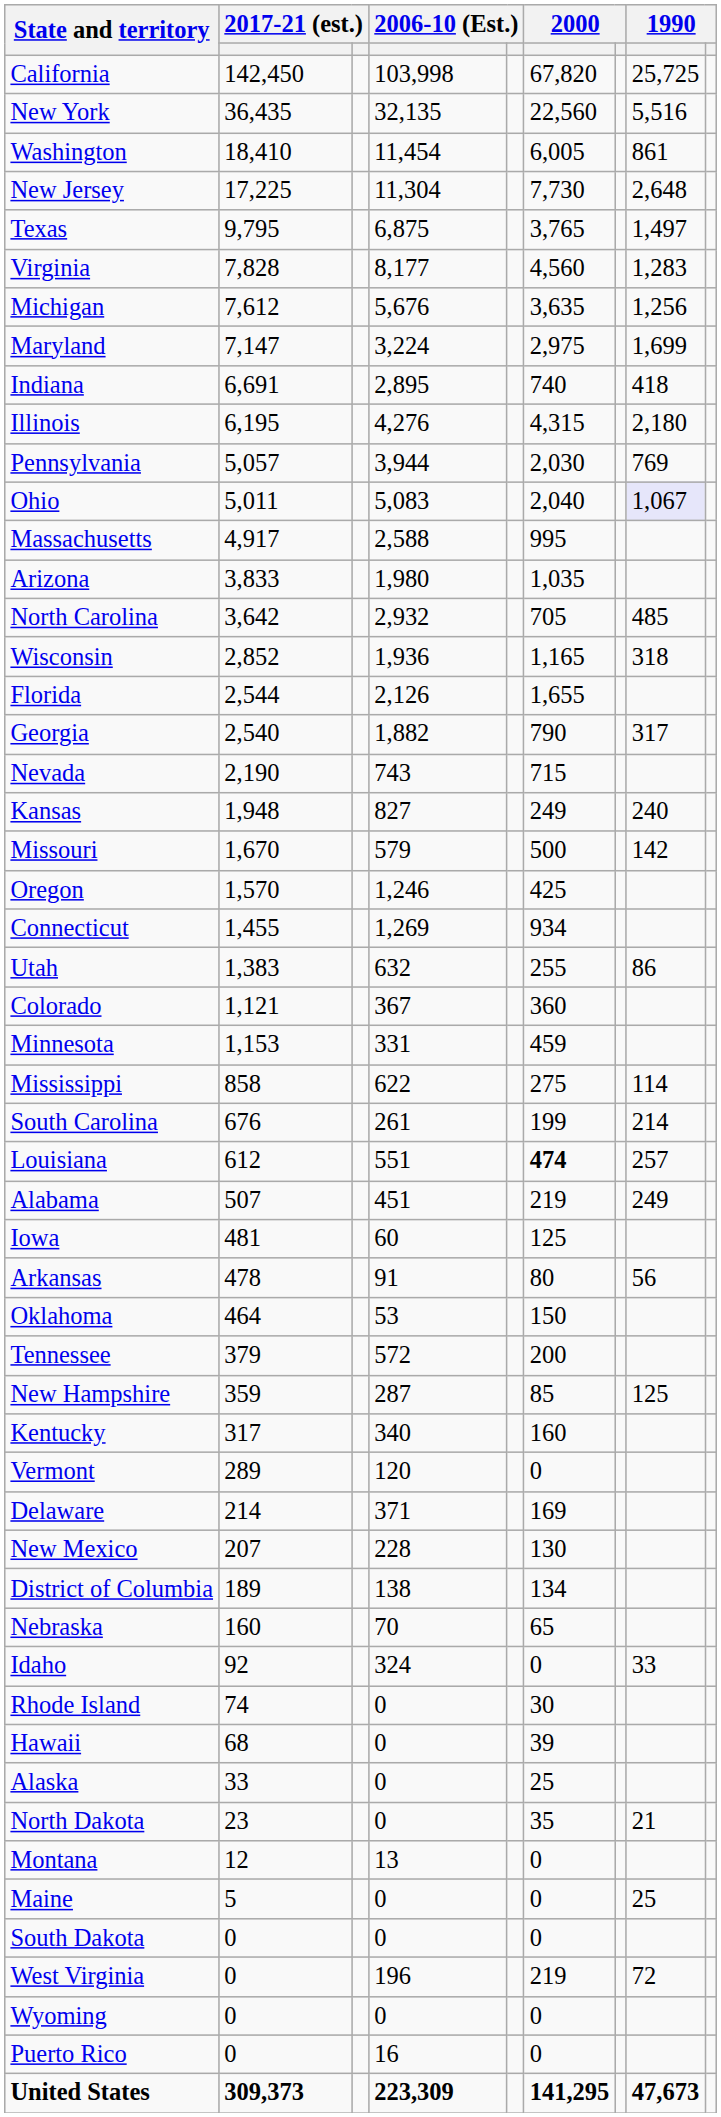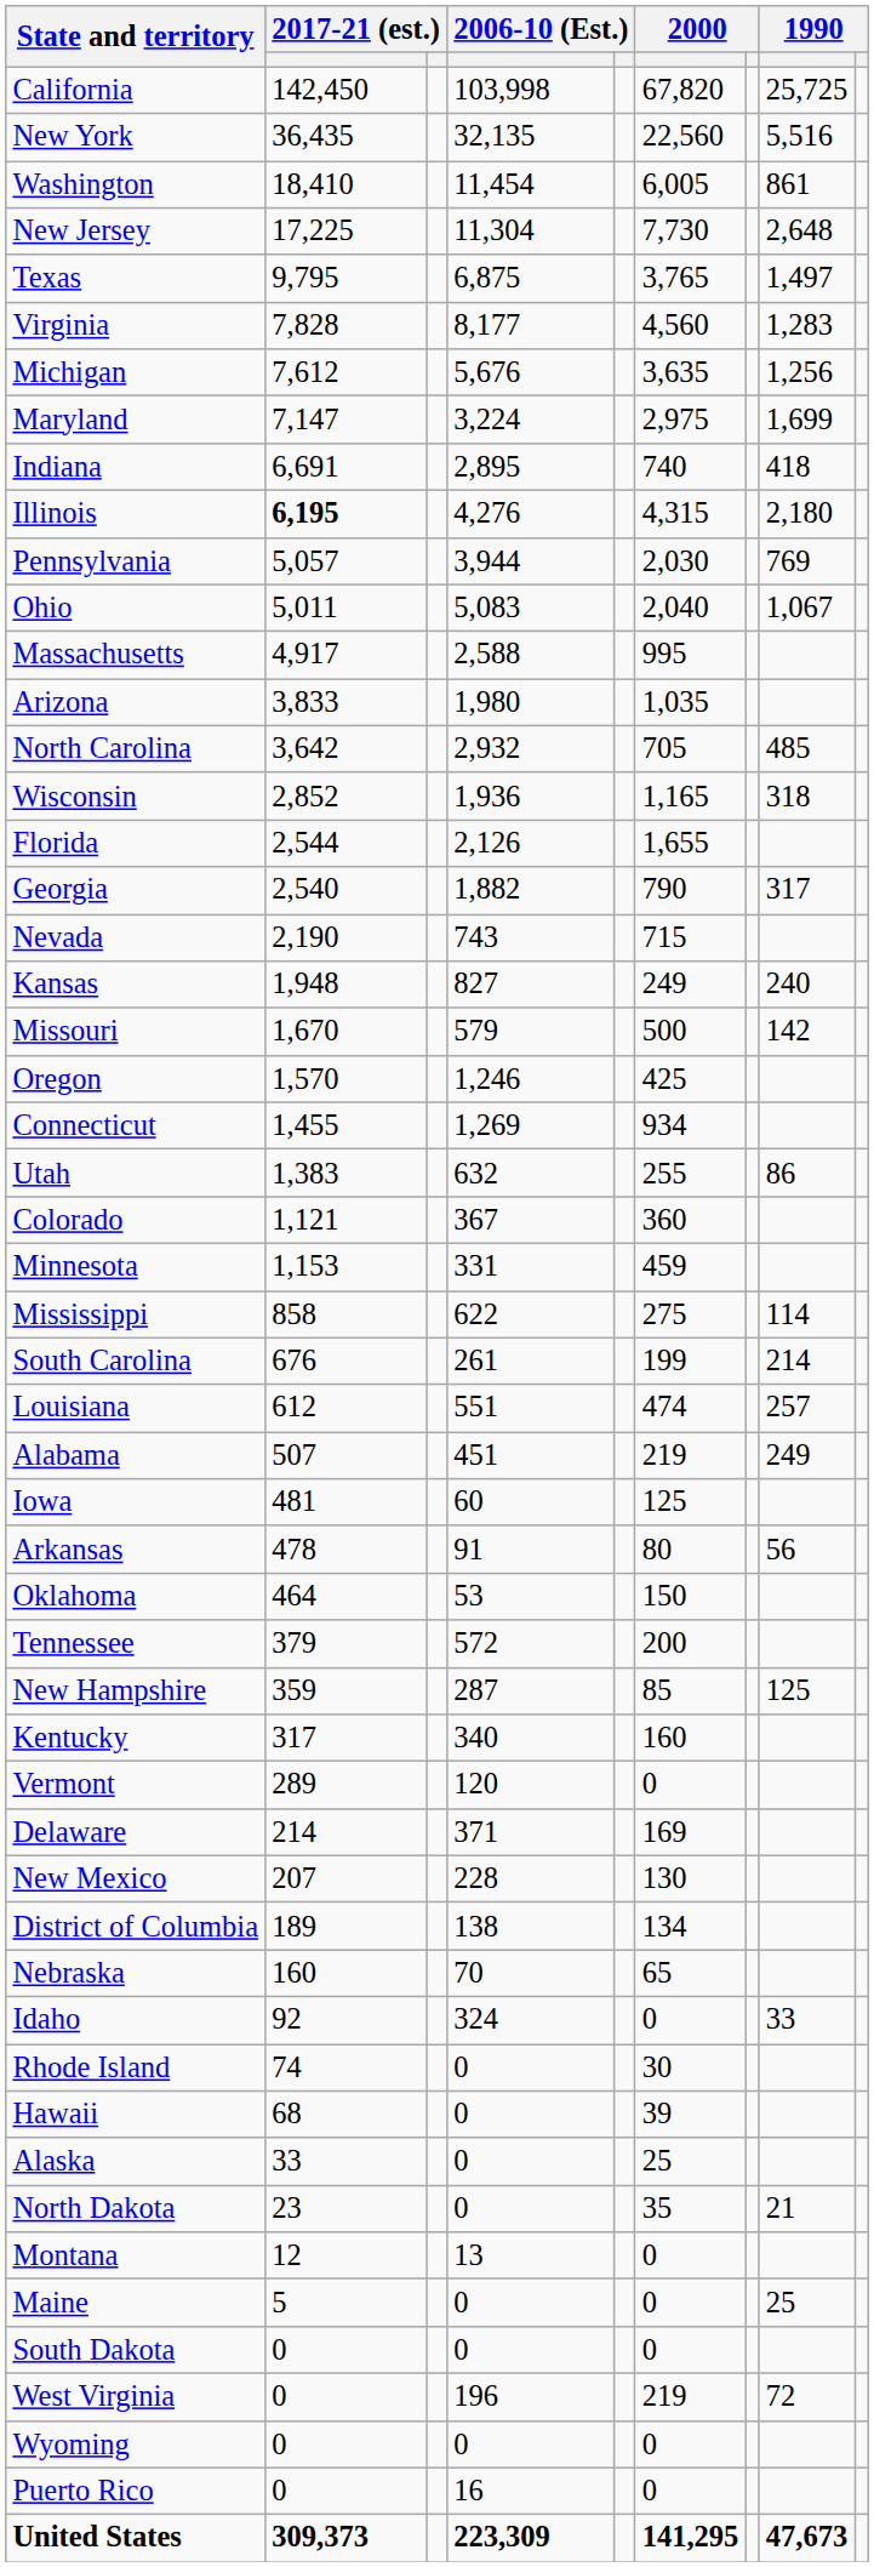 <table class="wikitable collapsible sortable">
 <tr>
 <th rowspan="2"><a href='#'>State</a> and <a href='#'>territory</a></th>
 <th colspan="2"><a href='#'>2017-21</a> (est.)</th>
 <th colspan="2"><a href='#'>2006-10</a> (Est.)</th>
 <th colspan="2"><a href='#'>2000</a></th>
 <th colspan="2"><a href='#'>1990</a></th>
 </tr>
 <tr>
 <th><a href='#'></a></th>
 <th></th>
 <th></th>
 <th></th>
 <th></th>
 <th></th>
 <th></th>
 <th></th>
 </tr>
 <tr>
 <td> <a href='#'>California</a></td>
 <td>142,450</td>
 <td></td>
 <td>103,998</td>
 <td></td>
 <td>67,820</td>
 <td></td>
 <td>25,725</td>
 <td></td>
 </tr>
 <tr>
 <td> <a href='#'>New York</a></td>
 <td>36,435</td>
 <td></td>
 <td>32,135</td>
 <td></td>
 <td>22,560</td>
 <td></td>
 <td>5,516</td>
 <td></td>
 </tr>
 <tr>
 <td> <a href='#'>Washington</a></td>
 <td>18,410</td>
 <td></td>
 <td>11,454</td>
 <td></td>
 <td>6,005</td>
 <td></td>
 <td>861</td>
 <td></td>
 </tr>
 <tr>
 <td> <a href='#'>New Jersey</a></td>
 <td>17,225</td>
 <td></td>
 <td>11,304</td>
 <td></td>
 <td>7,730</td>
 <td></td>
 <td>2,648</td>
 <td></td>
 </tr>
 <tr>
 <td> <a href='#'>Texas</a></td>
 <td>9,795</td>
 <td></td>
 <td>6,875</td>
 <td></td>
 <td>3,765</td>
 <td></td>
 <td>1,497</td>
 <td></td>
 </tr>
 <tr>
 <td> <a href='#'>Virginia</a></td>
 <td>7,828</td>
 <td></td>
 <td>8,177</td>
 <td></td>
 <td>4,560</td>
 <td></td>
 <td>1,283</td>
 <td></td>
 </tr>
 <tr>
 <td> <a href='#'>Michigan</a></td>
 <td>7,612</td>
 <td></td>
 <td>5,676</td>
 <td></td>
 <td>3,635</td>
 <td></td>
 <td>1,256</td>
 <td></td>
 </tr>
 <tr>
 <td> <a href='#'>Maryland</a></td>
 <td>7,147</td>
 <td></td>
 <td>3,224</td>
 <td></td>
 <td>2,975</td>
 <td></td>
 <td>1,699</td>
 <td></td>
 </tr>
 <tr>
 <td> <a href='#'>Indiana</a></td>
 <td>6,691</td>
 <td></td>
 <td>2,895</td>
 <td></td>
 <td>740</td>
 <td></td>
 <td>418</td>
 <td></td>
 </tr>
 <tr>
 <td> <a href='#'>Illinois</a></td>
-<td>6,195</td>
+<td><strong>6,195</strong></td>
 <td></td>
 <td>4,276</td>
 <td></td>
 <td>4,315</td>
 <td></td>
 <td>2,180</td>
 <td></td>
 </tr>
 <tr>
 <td> <a href='#'>Pennsylvania</a></td>
 <td>5,057</td>
 <td></td>
 <td>3,944</td>
 <td></td>
 <td>2,030</td>
 <td></td>
 <td>769</td>
 <td></td>
 </tr>
 <tr>
 <td> <a href='#'>Ohio</a></td>
 <td>5,011</td>
 <td></td>
 <td>5,083</td>
 <td></td>
 <td>2,040</td>
 <td></td>
-<td style="background: lavender;">1,067</td>
+<td>1,067</td>
 </tr>
 <tr>
 <td> <a href='#'>Massachusetts</a></td>
 <td>4,917</td>
 <td></td>
 <td>2,588</td>
 <td></td>
 <td>995</td>
 <td></td>
 <td></td>
 <td></td>
 </tr>
 <tr>
 <td> <a href='#'>Arizona</a></td>
 <td>3,833</td>
 <td></td>
 <td>1,980</td>
 <td></td>
 <td>1,035</td>
 <td></td>
 <td></td>
 <td></td>
 </tr>
 <tr>
 <td> <a href='#'>North Carolina</a></td>
 <td>3,642</td>
 <td></td>
 <td>2,932</td>
 <td></td>
 <td>705</td>
 <td></td>
 <td>485</td>
 <td></td>
 </tr>
 <tr>
 <td> <a href='#'>Wisconsin</a></td>
 <td>2,852</td>
 <td></td>
 <td>1,936</td>
 <td></td>
 <td>1,165</td>
 <td></td>
 <td>318</td>
 <td></td>
 </tr>
 <tr>
 <td> <a href='#'>Florida</a></td>
 <td>2,544</td>
 <td></td>
 <td>2,126</td>
 <td></td>
 <td>1,655</td>
 <td></td>
 <td></td>
 <td></td>
 </tr>
 <tr>
 <td> <a href='#'>Georgia</a></td>
 <td>2,540</td>
 <td></td>
 <td>1,882</td>
 <td></td>
 <td>790</td>
 <td></td>
 <td>317</td>
 <td></td>
 </tr>
 <tr>
 <td> <a href='#'>Nevada</a></td>
 <td>2,190</td>
 <td></td>
 <td>743</td>
 <td></td>
 <td>715</td>
 <td></td>
 <td></td>
 <td></td>
 </tr>
 <tr>
 <td> <a href='#'>Kansas</a></td>
 <td>1,948</td>
 <td></td>
 <td>827</td>
 <td></td>
 <td>249</td>
 <td></td>
 <td>240</td>
 <td></td>
 </tr>
 <tr>
 <td> <a href='#'>Missouri</a></td>
 <td>1,670</td>
 <td></td>
 <td>579</td>
 <td></td>
 <td>500</td>
 <td></td>
 <td>142</td>
 <td></td>
 </tr>
 <tr>
 <td> <a href='#'>Oregon</a></td>
 <td>1,570</td>
 <td></td>
 <td>1,246</td>
 <td></td>
 <td>425</td>
 <td></td>
 <td></td>
 <td></td>
 </tr>
 <tr>
 <td> <a href='#'>Connecticut</a></td>
 <td>1,455</td>
 <td></td>
 <td>1,269</td>
 <td></td>
 <td>934</td>
 <td></td>
 <td></td>
 <td></td>
 </tr>
 <tr>
 <td> <a href='#'>Utah</a></td>
 <td>1,383</td>
 <td></td>
 <td>632</td>
 <td></td>
 <td>255</td>
 <td></td>
 <td>86</td>
 <td></td>
 </tr>
 <tr>
 <td> <a href='#'>Colorado</a></td>
 <td>1,121</td>
 <td></td>
 <td>367</td>
 <td></td>
 <td>360</td>
 <td></td>
 <td></td>
 <td></td>
 </tr>
 <tr>
 <td> <a href='#'>Minnesota</a></td>
 <td>1,153</td>
 <td></td>
 <td>331</td>
 <td></td>
 <td>459</td>
 <td></td>
 <td></td>
 <td></td>
 </tr>
 <tr>
 <td> <a href='#'>Mississippi</a></td>
 <td>858</td>
 <td></td>
 <td>622</td>
 <td></td>
 <td>275</td>
 <td></td>
 <td>114</td>
 <td></td>
 </tr>
 <tr>
 <td> <a href='#'>South Carolina</a></td>
 <td>676</td>
 <td></td>
 <td>261</td>
 <td></td>
 <td>199</td>
 <td></td>
 <td>214</td>
 <td></td>
 </tr>
 <tr>
 <td> <a href='#'>Louisiana</a></td>
 <td>612</td>
 <td></td>
 <td>551</td>
 <td></td>
-<td><strong>474</strong></td>
+<td>474</td>
 <td></td>
 <td>257</td>
 <td></td>
 </tr>
 <tr>
 <td> <a href='#'>Alabama</a></td>
 <td>507</td>
 <td></td>
 <td>451</td>
 <td></td>
 <td>219</td>
 <td></td>
 <td>249</td>
 <td></td>
 </tr>
 <tr>
 <td> <a href='#'>Iowa</a></td>
 <td>481</td>
 <td></td>
 <td>60</td>
 <td></td>
 <td>125</td>
 <td></td>
 <td></td>
 <td></td>
 </tr>
 <tr>
 <td> <a href='#'>Arkansas</a></td>
 <td>478</td>
 <td></td>
 <td>91</td>
 <td></td>
 <td>80</td>
 <td></td>
 <td>56</td>
 <td></td>
 </tr>
 <tr>
 <td> <a href='#'>Oklahoma</a></td>
 <td>464</td>
 <td></td>
 <td>53</td>
 <td></td>
 <td>150</td>
 <td></td>
 <td></td>
 <td></td>
 </tr>
 <tr>
 <td> <a href='#'>Tennessee</a></td>
 <td>379</td>
 <td></td>
 <td>572</td>
 <td></td>
 <td>200</td>
 <td></td>
 <td></td>
 <td></td>
 </tr>
 <tr>
 <td> <a href='#'>New Hampshire</a></td>
 <td>359</td>
 <td></td>
 <td>287</td>
 <td></td>
 <td>85</td>
 <td></td>
 <td>125</td>
 <td></td>
 </tr>
 <tr>
 <td> <a href='#'>Kentucky</a></td>
 <td>317</td>
 <td></td>
 <td>340</td>
 <td></td>
 <td>160</td>
 <td></td>
 <td></td>
 <td></td>
 </tr>
 <tr>
 <td> <a href='#'>Vermont</a></td>
 <td>289</td>
 <td></td>
 <td>120</td>
 <td></td>
 <td>0</td>
 <td></td>
 <td></td>
 <td></td>
 </tr>
 <tr>
 <td> <a href='#'>Delaware</a></td>
 <td>214</td>
 <td></td>
 <td>371</td>
 <td></td>
 <td>169</td>
 <td></td>
 <td></td>
 <td></td>
 </tr>
 <tr>
 <td> <a href='#'>New Mexico</a></td>
 <td>207</td>
 <td></td>
 <td>228</td>
 <td></td>
 <td>130</td>
 <td></td>
 <td></td>
 <td></td>
 </tr>
 <tr>
 <td> <a href='#'>District of Columbia</a></td>
 <td>189</td>
 <td></td>
 <td>138</td>
 <td></td>
 <td>134</td>
 <td></td>
 <td></td>
 <td></td>
 </tr>
 <tr>
 <td> <a href='#'>Nebraska</a></td>
 <td>160</td>
 <td></td>
 <td>70</td>
 <td></td>
 <td>65</td>
 <td></td>
 <td></td>
 <td></td>
 </tr>
 <tr>
 <td> <a href='#'>Idaho</a></td>
 <td>92</td>
 <td></td>
 <td>324</td>
 <td></td>
 <td>0</td>
 <td></td>
 <td>33</td>
 <td></td>
 </tr>
 <tr>
 <td> <a href='#'>Rhode Island</a></td>
 <td>74</td>
 <td></td>
 <td>0</td>
 <td></td>
 <td>30</td>
 <td></td>
 <td></td>
 <td></td>
 </tr>
 <tr>
 <td> <a href='#'>Hawaii</a></td>
 <td>68</td>
 <td></td>
 <td>0</td>
 <td></td>
 <td>39</td>
 <td></td>
 <td></td>
 <td></td>
 </tr>
 <tr>
 <td> <a href='#'>Alaska</a></td>
 <td>33</td>
 <td></td>
 <td>0</td>
 <td></td>
 <td>25</td>
 <td></td>
 <td></td>
 <td></td>
 </tr>
 <tr>
 <td> <a href='#'>North Dakota</a></td>
 <td>23</td>
 <td></td>
 <td>0</td>
 <td></td>
 <td>35</td>
 <td></td>
 <td>21</td>
 <td></td>
 </tr>
 <tr>
 <td> <a href='#'>Montana</a></td>
 <td>12</td>
 <td></td>
 <td>13</td>
 <td></td>
 <td>0</td>
 <td></td>
 <td></td>
 <td></td>
 </tr>
 <tr>
 <td> <a href='#'>Maine</a></td>
 <td>5</td>
 <td></td>
 <td>0</td>
 <td></td>
 <td>0</td>
 <td></td>
 <td>25</td>
 <td></td>
 </tr>
 <tr>
 <td> <a href='#'>South Dakota</a></td>
 <td>0</td>
 <td></td>
 <td>0</td>
 <td></td>
 <td>0</td>
 <td></td>
 <td></td>
 <td></td>
 </tr>
 <tr>
 <td> <a href='#'>West Virginia</a></td>
 <td>0</td>
 <td></td>
 <td>196</td>
 <td></td>
 <td>219</td>
 <td></td>
 <td>72</td>
 <td></td>
 </tr>
 <tr>
 <td> <a href='#'>Wyoming</a></td>
 <td>0</td>
 <td></td>
 <td>0</td>
 <td></td>
 <td>0</td>
 <td></td>
 <td></td>
 <td></td>
 </tr>
 <tr>
 <td> <a href='#'>Puerto Rico</a></td>
 <td>0</td>
 <td></td>
 <td>16</td>
 <td></td>
 <td>0</td>
 <td></td>
 <td></td>
 <td></td>
 </tr>
 <tr>
 <td> <strong>United States</strong></td>
 <td><strong>309,373</strong></td>
 <td><strong></strong></td>
 <td><strong>223,309</strong></td>
 <td><strong></strong></td>
 <td><strong>141,295</strong></td>
 <td><strong></strong></td>
 <td><strong>47,673</strong></td>
 <td></td>
 </tr>
 </table>
